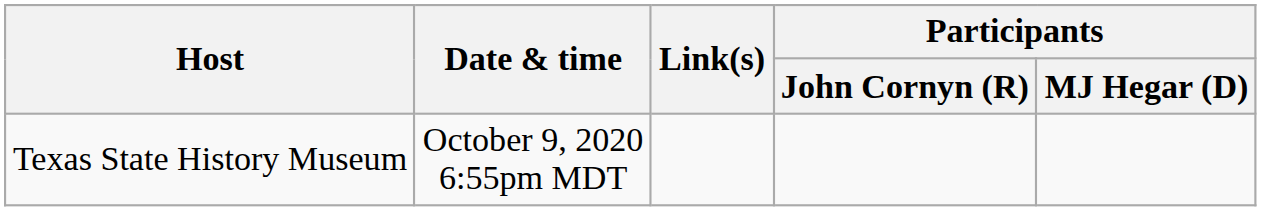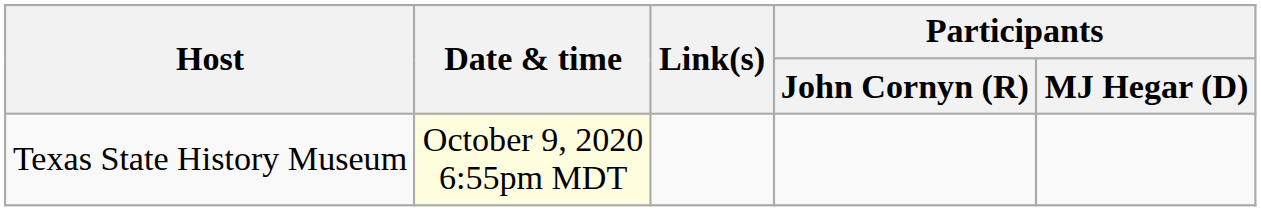 <table class="wikitable sortable">
 <tr>
 <th rowspan="2">Host</th>
 <th rowspan="2">Date & time</th>
 <th rowspan="2">Link(s)</th>
 <th colspan="2">Participants</th>
 </tr>
 <tr>
 <th>John Cornyn (R)</th>
 <th>MJ Hegar (D)</th>
 </tr>
 <tr>
 <td align="center">Texas State History Museum</td>
-<td align="center">October 9, 2020<br>6:55pm MDT</td>
+<td align="center" style="background: lightyellow;">October 9, 2020<br>6:55pm MDT</td>
 <td align="center"></td>
 <td></td>
 <td></td>
 </tr>
 </table>
